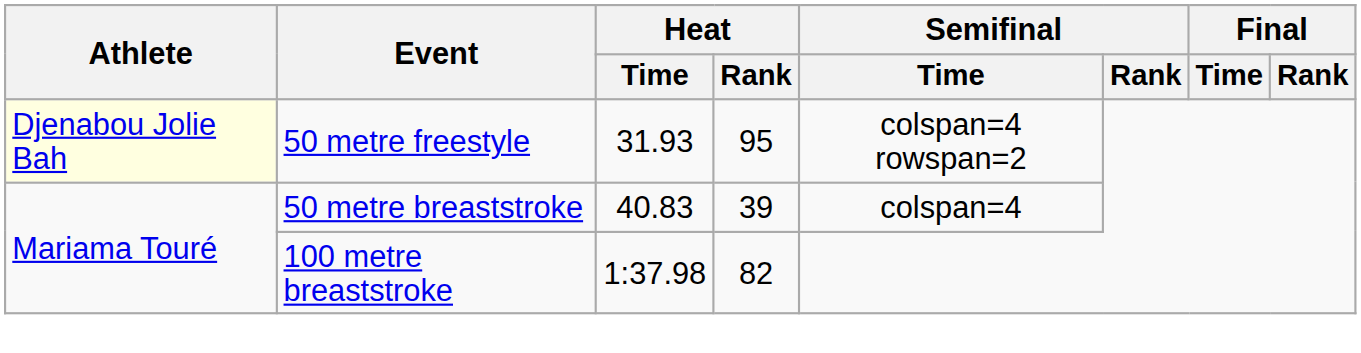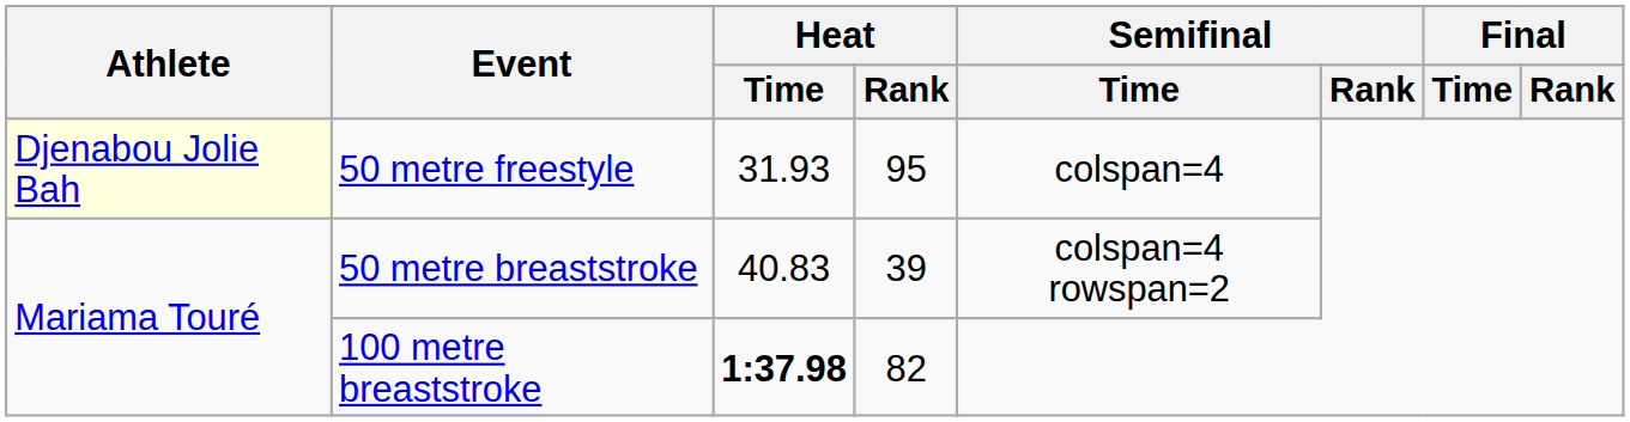 <table class="wikitable" style="text-align:center; font-size:90%; width:50%;">
 <tr>
 <th rowspan="2">Athlete</th>
 <th rowspan="2">Event</th>
 <th colspan="2">Heat</th>
 <th colspan="2">Semifinal</th>
 <th colspan="2">Final</th>
 </tr>
 <tr style="font-size:95%">
 <th>Time</th>
 <th>Rank</th>
 <th>Time</th>
 <th>Rank</th>
 <th>Time</th>
 <th>Rank</th>
 </tr>
 <tr align=center>
 <td align=left style="background: lightyellow;"><a href='#'>Djenabou Jolie Bah</a></td>
 <td align=left><a href='#'>50 metre freestyle</a></td>
 <td>31.93</td>
 <td>95</td>
-<td>colspan=4  rowspan=2 </td>
+<td>colspan=4  </td>
 </tr>
 <tr align=center>
 <td align=left rowspan="2"><a href='#'>Mariama Touré</a></td>
 <td align=left><a href='#'>50 metre breaststroke</a></td>
 <td>40.83</td>
 <td>39</td>
-<td>colspan=4  </td>
+<td>colspan=4  rowspan=2 </td>
 </tr>
 <tr align=center>
 <td align=left><a href='#'>100 metre breaststroke</a></td>
-<td>1:37.98</td>
+<td><strong>1:37.98</strong></td>
 <td>82</td>
 </tr>
 </table>
